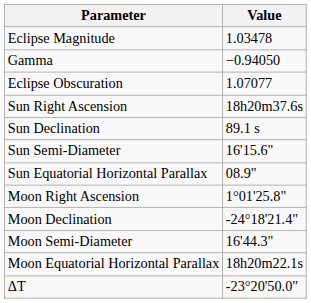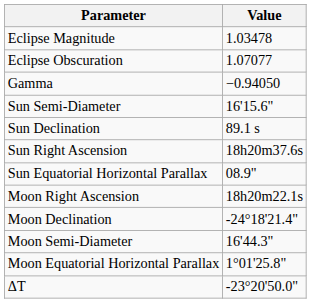 <table class="wikitable">
 <tr>
 <th>Parameter</th>
 <th>Value</th>
 </tr>
 <tr>
 <td>Eclipse Magnitude</td>
 <td>1.03478</td>
 </tr>
 <tr>
+<td>Eclipse Obscuration</td>
+<td>1.07077</td>
+</tr>
+<tr>
 <td>Gamma</td>
 <td>−0.94050</td>
 </tr>
 <tr>
-<td>Eclipse Obscuration</td>
-<td>1.07077</td>
-</tr>
-<tr>
-<td>Sun Right Ascension</td>
-<td>18h20m37.6s</td>
+<td>Sun Semi-Diameter</td>
+<td>16'15.6"</td>
 </tr>
 <tr>
 <td>Sun Declination</td>
 <td>89.1 s</td>
 </tr>
 <tr>
-<td>Sun Semi-Diameter</td>
-<td>16'15.6"</td>
+<td>Sun Right Ascension</td>
+<td>18h20m37.6s</td>
 </tr>
 <tr>
 <td>Sun Equatorial Horizontal Parallax</td>
 <td>08.9"</td>
 </tr>
 <tr>
 <td>Moon Right Ascension</td>
-<td>1°01'25.8"</td>
+<td>18h20m22.1s</td>
 </tr>
 <tr>
 <td>Moon Declination</td>
 <td>-24°18'21.4"</td>
 </tr>
 <tr>
 <td>Moon Semi-Diameter</td>
 <td>16'44.3"</td>
 </tr>
 <tr>
 <td>Moon Equatorial Horizontal Parallax</td>
-<td>18h20m22.1s</td>
+<td>1°01'25.8"</td>
 </tr>
 <tr>
 <td>ΔT</td>
 <td>-23°20'50.0"</td>
 </tr>
 </table>
